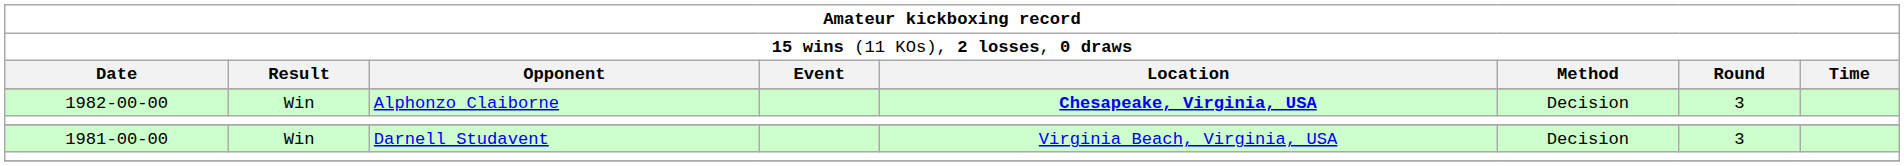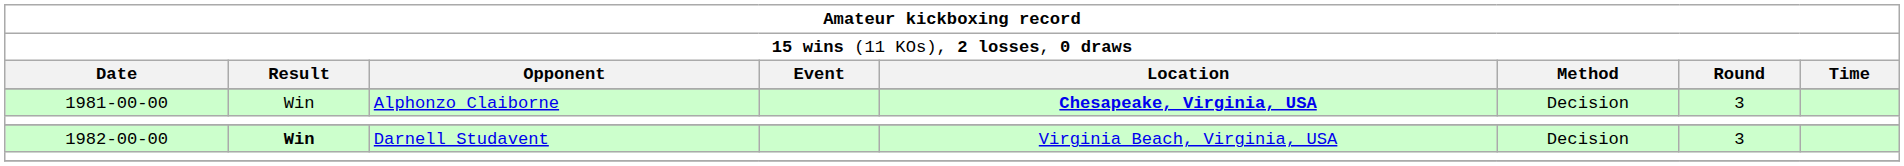 <table class="wikitable collapsible" style="font-size:88%; width:100%; text-align:center;">
 <tr>
 <th colspan=9 style="background:#fff">Amateur kickboxing record</th>
 </tr>
 <tr>
 <td colspan=9 style="background:#fff; text-align:center;"><strong>15 wins</strong> (11 KOs), <strong>2 losses</strong>, <strong>0 draws</strong></td>
 </tr>
 <tr>
 <th>Date</th>
 <th>Result</th>
 <th>Opponent</th>
 <th>Event</th>
 <th>Location</th>
 <th>Method</th>
 <th>Round</th>
 <th>Time</th>
 </tr>
 <tr>
 </tr>
 <tr bgcolor="#CCFFCC">
-<td>1982-00-00</td>
+<td>1981-00-00</td>
 <td>Win</td>
 <td align=left> <a href='#'>Alphonzo Claiborne</a></td>
 <td></td>
 <td><strong><a href='#'>Chesapeake, Virginia, USA</a></strong></td>
 <td>Decision</td>
 <td>3</td>
 <td></td>
 </tr>
 <tr>
 <th style=background:white colspan=9></th>
 </tr>
 <tr>
 </tr>
 <tr bgcolor="#CCFFCC">
-<td>1981-00-00</td>
-<td>Win</td>
+<td>1982-00-00</td>
+<td><strong>Win</strong></td>
 <td align=left> <a href='#'>Darnell Studavent</a></td>
 <td></td>
 <td><a href='#'>Virginia Beach, Virginia, USA</a></td>
 <td>Decision</td>
 <td>3</td>
 <td></td>
 </tr>
 <tr>
 <th style=background:white colspan=9></th>
 </tr>
 <tr>
 </tr>
 </table>
